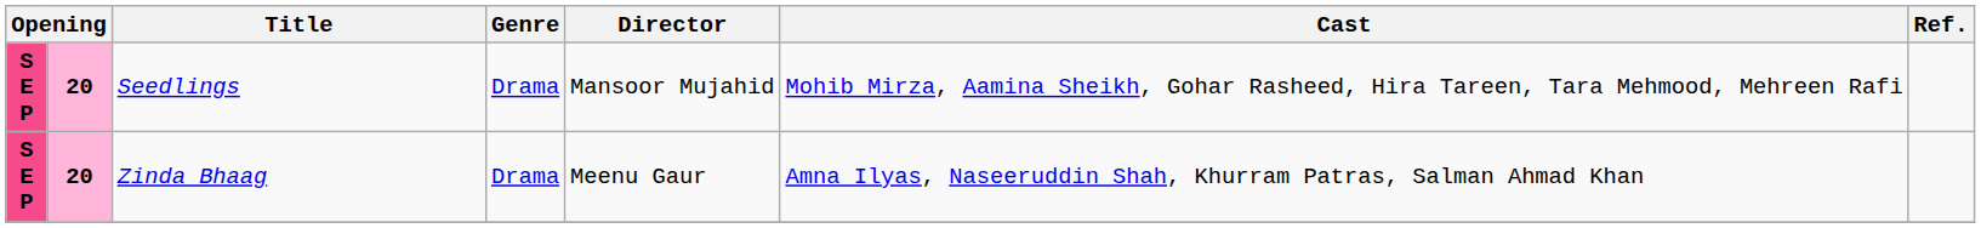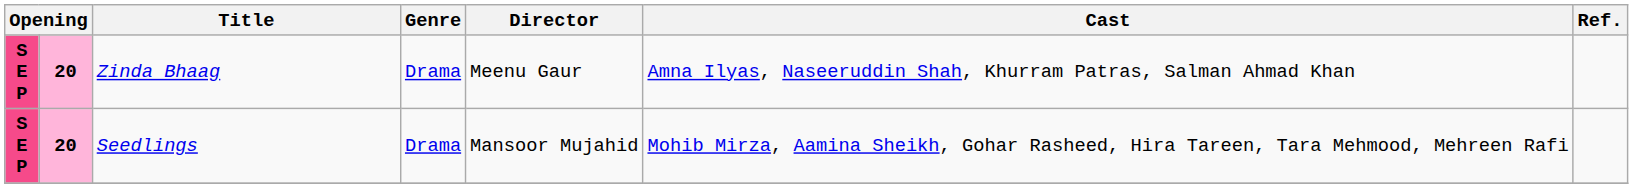 <table class="wikitable">
 <tr style="background:#b0e0e66; text-align:center;">
 <th colspan="2"><strong>Opening</strong></th>
 <th style="width:19%;"><strong>Title</strong></th>
 <th><strong>Genre</strong></th>
 <th><strong>Director</strong></th>
 <th><strong>Cast</strong></th>
 <th><strong>Ref.</strong></th>
 </tr>
 <tr>
 <td rowspan="1" style="text-align:center; background:#f64a8a;"><strong>S<br>E<br>P</strong></td>
 <td rowspan="1" style="text-align:center; textcolor:#000; background:#ffb5da;"><strong>20</strong></td>
+<td><em><a href='#'>Zinda Bhaag</a></em></td>
+<td><a href='#'>Drama</a></td>
+<td>Meenu Gaur</td>
+<td><a href='#'>Amna Ilyas</a>, <a href='#'>Naseeruddin Shah</a>, Khurram Patras, Salman Ahmad Khan</td>
+<td></td>
+</tr>
+<tr>
+<td rowspan="1" style="text-align:center; background:#f64a8a;"><strong>S<br>E<br>P</strong></td>
+<td rowspan="1" style="text-align:center; textcolor:#000; background:#ffb5da;"><strong>20</strong></td>
 <td><a href='#'><em>Seedlings</em></a></td>
 <td><a href='#'>Drama</a></td>
 <td>Mansoor Mujahid</td>
 <td><a href='#'>Mohib Mirza</a>, <a href='#'>Aamina Sheikh</a>, Gohar Rasheed, Hira Tareen, Tara Mehmood, Mehreen Rafi</td>
 <td></td>
 </tr>
 <tr>
-<td rowspan="1" style="text-align:center; background:#f64a8a;"><strong>S<br>E<br>P</strong></td>
-<td rowspan="1" style="text-align:center; textcolor:#000; background:#ffb5da;"><strong>20</strong></td>
-<td><em><a href='#'>Zinda Bhaag</a></em></td>
-<td><a href='#'>Drama</a></td>
-<td>Meenu Gaur</td>
-<td><a href='#'>Amna Ilyas</a>, <a href='#'>Naseeruddin Shah</a>, Khurram Patras, Salman Ahmad Khan</td>
-<td></td>
-</tr>
-<tr>
 </tr>
 </table>
